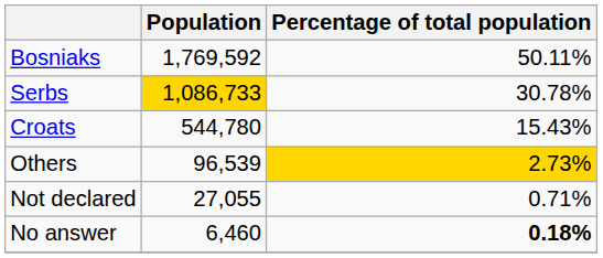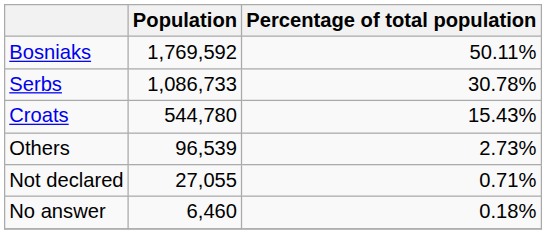 <table class="wikitable">
 <tr>
 <th></th>
 <th>Population</th>
 <th>Percentage of total population</th>
 </tr>
 <tr>
 <td><a href='#'>Bosniaks</a></td>
 <td align=right>1,769,592</td>
 <td align=right>50.11%</td>
 </tr>
 <tr>
 <td align=left><a href='#'>Serbs</a></td>
-<td align=right style="background: gold;">1,086,733</td>
+<td align=right>1,086,733</td>
 <td align=right>30.78%</td>
 </tr>
 <tr>
 <td align=left><a href='#'>Croats</a></td>
 <td align=right>544,780</td>
 <td align=right>15.43%</td>
 </tr>
 <tr>
 <td align=left>Others</td>
 <td align=right>96,539</td>
-<td align=right style="background: gold;">2.73%</td>
+<td align=right>2.73%</td>
 </tr>
 <tr>
 <td align=left>Not declared</td>
 <td align=right>27,055</td>
 <td align=right>0.71%</td>
 </tr>
 <tr>
 <td align=left>No answer</td>
 <td align=right>6,460</td>
-<td align=right><strong>0.18%</strong></td>
+<td align=right>0.18%</td>
 </tr>
 <tr>
 </tr>
 </table>
